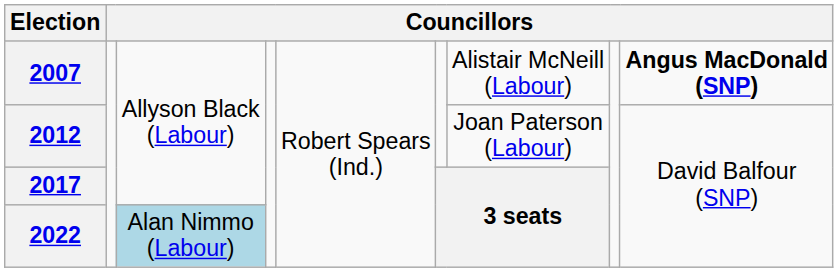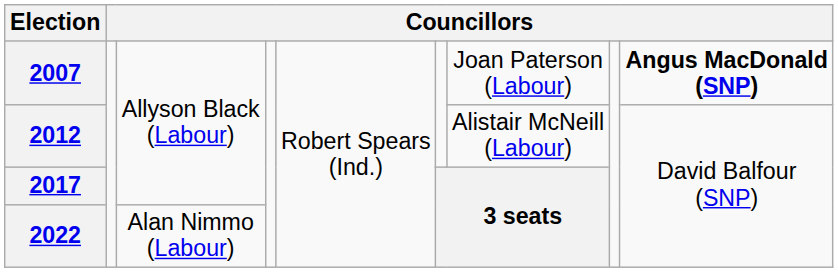 <table class="wikitable" style="text-align:center">
 <tr>
 <th>Election</th>
 <th colspan=8>Councillors</th>
 </tr>
 <tr>
 <th><a href='#'>2007</a></th>
 <td rowspan=4; style="background-color: "></td>
 <td rowspan=3>Allyson Black<br>(<a href='#'>Labour</a>)</td>
 <td rowspan=4; style="background-color: "></td>
 <td rowspan=4>Robert Spears<br>(Ind.)</td>
 <td rowspan=2; style="background-color: "></td>
-<td rowspan=1>Alistair McNeill<br>(<a href='#'>Labour</a>)</td>
+<td rowspan=1>Joan Paterson<br>(<a href='#'>Labour</a>)</td>
 <td rowspan=4; style="background-color: "></td>
 <td rowspan=1><strong>Angus MacDonald<br>(<a href='#'>SNP</a>)</strong></td>
 </tr>
 <tr>
 <th><a href='#'>2012</a></th>
-<td rowspan=1>Joan Paterson<br>(<a href='#'>Labour</a>)</td>
+<td rowspan=1>Alistair McNeill<br>(<a href='#'>Labour</a>)</td>
 <td rowspan=3>David Balfour<br>(<a href='#'>SNP</a>)</td>
 </tr>
 <tr>
 <th><a href='#'>2017</a></th>
 <th colspan=2; rowspan=2>3 seats</th>
 </tr>
 <tr>
 <th><a href='#'>2022</a></th>
-<td rowspan=1 style="background: lightblue;">Alan Nimmo<br>(<a href='#'>Labour</a>)</td>
+<td rowspan=1>Alan Nimmo<br>(<a href='#'>Labour</a>)</td>
 </tr>
 </table>
